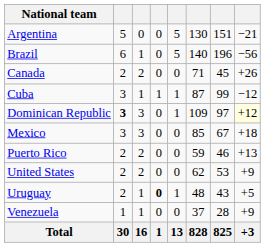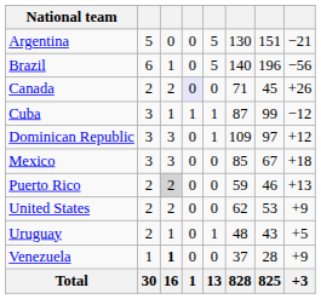 <table class="wikitable" style="text-align: center;">
 <tr>
 <th>National team</th>
 <th width="15"></th>
 <th width="15"></th>
 <th width="15"></th>
 <th width="15"></th>
 <th></th>
 <th></th>
 <th></th>
 </tr>
 <tr>
 <td align="left"> <a href='#'>Argentina</a></td>
 <td>5</td>
 <td>0</td>
 <td>0</td>
 <td>5</td>
 <td>130</td>
 <td>151</td>
 <td>−21</td>
 </tr>
 <tr>
 <td align="left"> <a href='#'>Brazil</a></td>
 <td>6</td>
 <td>1</td>
 <td>0</td>
 <td>5</td>
 <td>140</td>
 <td>196</td>
 <td>−56</td>
 </tr>
 <tr>
 <td align="left"> <a href='#'>Canada</a></td>
 <td>2</td>
 <td>2</td>
-<td>0</td>
+<td style="background: lavender;">0</td>
 <td>0</td>
 <td>71</td>
 <td>45</td>
 <td>+26</td>
 </tr>
 <tr>
 <td align="left"> <a href='#'>Cuba</a></td>
 <td>3</td>
 <td>1</td>
 <td>1</td>
 <td>1</td>
 <td>87</td>
 <td>99</td>
 <td>−12</td>
 </tr>
 <tr>
 <td align="left"> <a href='#'>Dominican Republic</a></td>
-<td><strong>3</strong></td>
+<td>3</td>
 <td>3</td>
 <td>0</td>
 <td>1</td>
 <td>109</td>
 <td>97</td>
-<td style="background: lightyellow;">+12</td>
+<td>+12</td>
 </tr>
 <tr>
 <td align="left"> <a href='#'>Mexico</a></td>
 <td>3</td>
 <td>3</td>
 <td>0</td>
 <td>0</td>
 <td>85</td>
 <td>67</td>
 <td>+18</td>
 </tr>
 <tr>
 <td align="left"> <a href='#'>Puerto Rico</a></td>
 <td>2</td>
-<td>2</td>
+<td style="background: lightgrey;">2</td>
 <td>0</td>
 <td>0</td>
 <td>59</td>
 <td>46</td>
 <td>+13</td>
 </tr>
 <tr>
 <td align="left"> <a href='#'>United States</a></td>
 <td>2</td>
 <td>2</td>
 <td>0</td>
 <td>0</td>
 <td>62</td>
 <td>53</td>
 <td>+9</td>
 </tr>
 <tr>
 <td align="left"> <a href='#'>Uruguay</a></td>
 <td>2</td>
 <td>1</td>
-<td><strong>0</strong></td>
+<td>0</td>
 <td>1</td>
 <td>48</td>
 <td>43</td>
 <td>+5</td>
 </tr>
 <tr>
 <td align="left"> <a href='#'>Venezuela</a></td>
 <td>1</td>
-<td>1</td>
+<td><strong>1</strong></td>
 <td>0</td>
 <td>0</td>
 <td>37</td>
 <td>28</td>
 <td>+9</td>
 </tr>
 <tr>
 <th>Total</th>
 <th>30</th>
 <th>16</th>
 <th>1</th>
 <th>13</th>
 <th>828</th>
 <th>825</th>
 <th>+3</th>
 </tr>
 </table>
